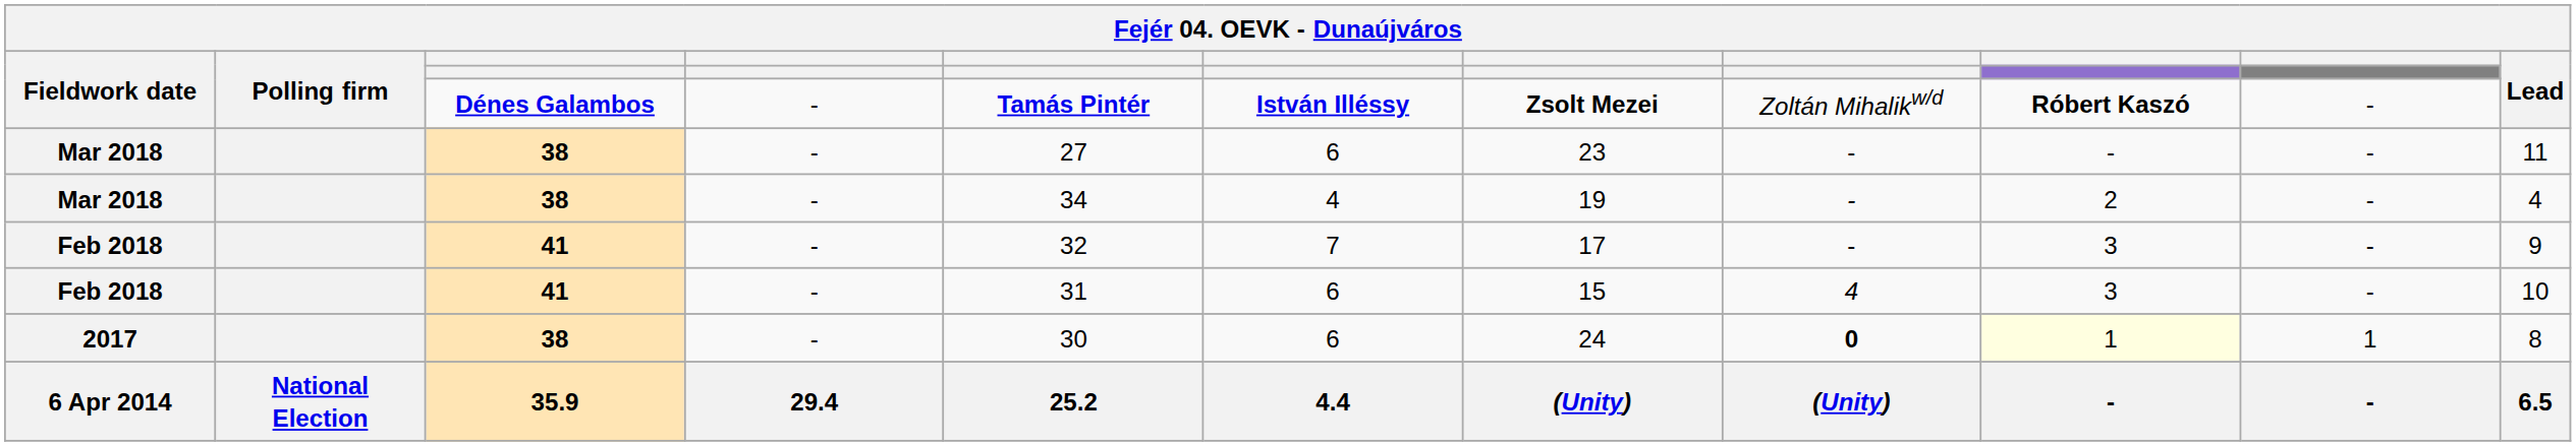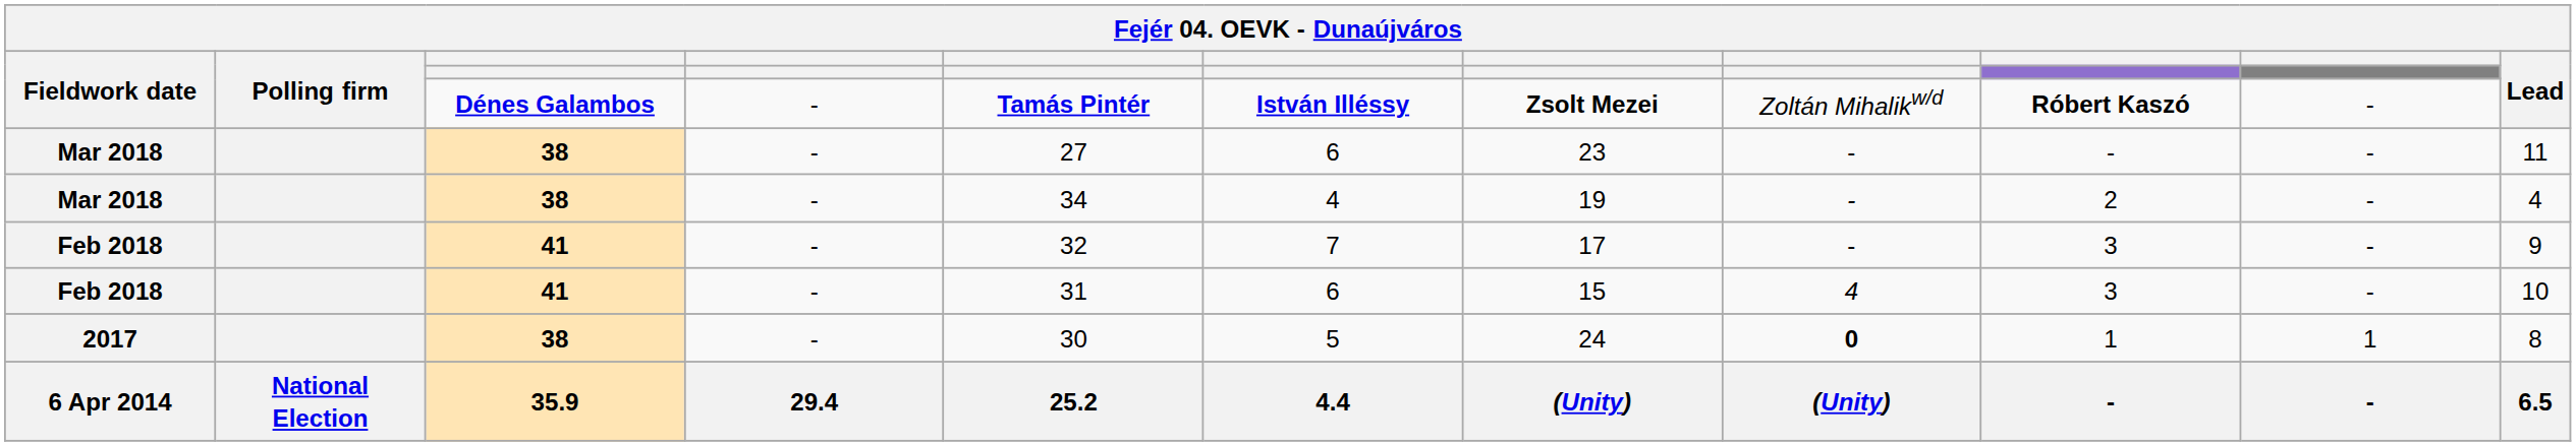 <table class="wikitable mw-collapsible mw-collapsed" style="text-align:center">
 <tr>
 <th colspan="11" style="width: 980pt;"><small><a href='#'>Fejér</a> 04. OEVK -</small> <small><a href='#'>Dunaújváros</a></small></th>
 </tr>
 <tr>
 <th rowspan="3" style="width: 80pt;"><small>Fieldwork</small> <small>date</small></th>
 <th rowspan="3" style="width: 80pt;"><strong><small>Polling</small> <small>firm</small></strong></th>
 <th style="width: 100pt;"><small></small></th>
 <th style="width: 100pt;"><small> </small></th>
 <th style="width: 100pt;"></th>
 <th style="width: 100pt;"></th>
 <th style="width: 100pt;"></th>
 <th style="width: 100pt;"></th>
 <th style="width: 100pt;"></th>
 <th style="width: 100pt;"></th>
 <th rowspan="3" style="width: 20pt;"><small>Lead</small></th>
 </tr>
 <tr>
 <th style="color:inherit;background:"></th>
 <th style="color:inherit;background:"></th>
 <th style="color:inherit;background:"></th>
 <th style="color:inherit;background:"></th>
 <th style="color:inherit;background:"></th>
 <th style="color:inherit;background:"></th>
 <th style="color:inherit;background:#8E6FCE;"></th>
 <th style="color:inherit;background:#808080;"></th>
 </tr>
 <tr>
 <td><small><a href='#'><strong>Dénes Galambos</strong></a></small></td>
 <td><small>-</small></td>
 <td><small><a href='#'><strong>Tamás Pintér</strong></a></small></td>
 <td><small><a href='#'><strong>István Illéssy</strong></a></small></td>
 <td><small><strong>Zsolt Mezei</strong></small></td>
 <td><small><em>Zoltán Mihalik<sup>w/d</sup></em></small></td>
 <td><small><strong>Róbert Kaszó</strong></small></td>
 <td><small>-</small></td>
 </tr>
 <tr>
 <th><small>Mar 2018</small></th>
 <th><small></small></th>
 <td style="background:#FFE5B4"><small><strong>38</strong></small></td>
 <td><small>-</small></td>
 <td><small>27</small></td>
 <td><small>6</small></td>
 <td><small>23</small></td>
 <td><small>-</small></td>
 <td><small>-</small></td>
 <td><small>-</small></td>
 <td style="background:"><small>11</small></td>
 </tr>
 <tr>
 <th><small>Mar 2018</small></th>
 <th></th>
 <td style="background:#FFE5B4"><small><strong>38</strong></small></td>
 <td><small>-</small></td>
 <td><small>34</small></td>
 <td><small>4</small></td>
 <td><small>19</small></td>
 <td><small><em>-</em></small></td>
 <td><small>2</small></td>
 <td><small>-</small></td>
 <td style="background:"><small>4</small></td>
 </tr>
 <tr>
 <th><small>Feb 2018</small></th>
 <th><small> </small></th>
 <td style="background:#FFE5B4"><small><strong>41</strong></small></td>
 <td><small>-</small></td>
 <td><small>32</small></td>
 <td><small>7</small></td>
 <td><small>17</small></td>
 <td><small>-</small></td>
 <td><small>3</small></td>
 <td><small>-</small></td>
 <td style="background:"><small>9</small></td>
 </tr>
 <tr>
 <th><small>Feb 2018</small></th>
 <th><small> </small></th>
 <td style="background:#FFE5B4"><small><strong>41</strong></small></td>
 <td><small>-</small></td>
 <td><small>31</small></td>
 <td><small>6</small></td>
 <td><small>15</small></td>
 <td><small><em>4</em></small></td>
 <td><small>3</small></td>
 <td><small>-</small></td>
 <td style="background:"><small>10</small></td>
 </tr>
 <tr>
 <th><small>2017</small></th>
 <th><small></small></th>
 <td style="background:#FFE5B4"><small><strong>38</strong></small></td>
 <td><small>-</small></td>
 <td><small>30</small></td>
-<td><small>6</small></td>
+<td><small>5</small></td>
 <td><small>24</small></td>
 <td><strong><small>0</small></strong></td>
-<td style="background: lightyellow;"><small>1</small></td>
+<td><small>1</small></td>
 <td><small>1</small></td>
 <td style="background:"><small>8</small></td>
 </tr>
 <tr>
 <th><small>6 Apr 2014</small></th>
 <th><a href='#'><small>National Election</small></a></th>
 <th style="background:#FFE5B4"><small><strong>35.9</strong></small></th>
 <th><small>29.4</small></th>
 <th><small>25.2</small></th>
 <th><small>4.4</small></th>
 <th><small><em>(<a href='#'>Unity</a>)</em></small></th>
 <th><small><em>(<a href='#'>Unity</a>)</em></small></th>
 <th><small>-</small></th>
 <th><small>-</small></th>
 <th style="background:"><small>6.5</small></th>
 </tr>
 </table>
